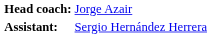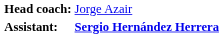 <table>
 <tr>
 <td><strong>Head coach:</strong></td>
 <td><a href='#'>Jorge Azair</a></td>
 </tr>
 <tr>
 <td><strong>Assistant:</strong></td>
-<td><a href='#'>Sergio Hernández Herrera</a></td>
+<td><strong><a href='#'>Sergio Hernández Herrera</a></strong></td>
 </tr>
 </table>
